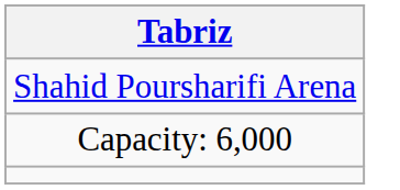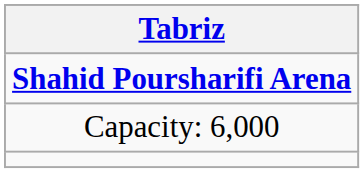 <table class="wikitable" style="text-align:center">
 <tr>
 <th><a href='#'>Tabriz</a></th>
 </tr>
 <tr>
-<td><a href='#'>Shahid Poursharifi Arena</a></td>
+<td><strong><a href='#'>Shahid Poursharifi Arena</a></strong></td>
 </tr>
 <tr>
 <td>Capacity: 6,000</td>
 </tr>
 <tr>
 <td></td>
 </tr>
 </table>
